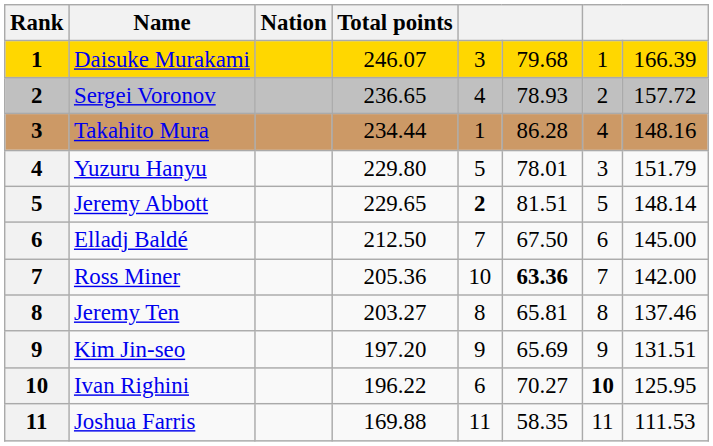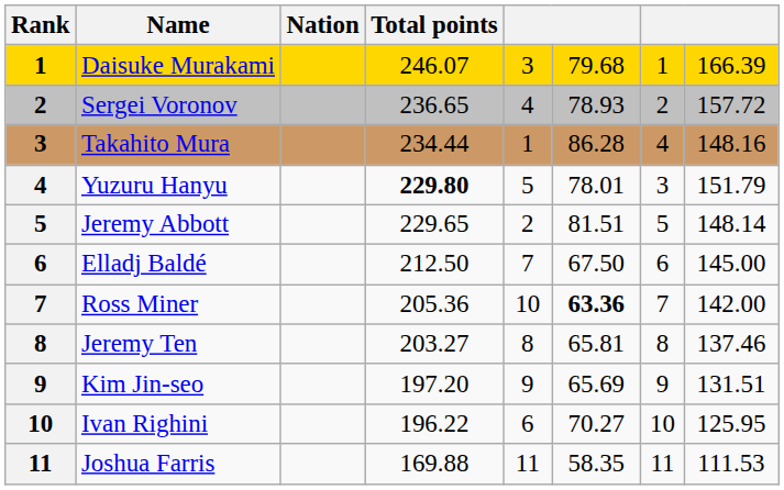 <table class="wikitable sortable">
 <tr>
 <th>Rank</th>
 <th>Name</th>
 <th>Nation</th>
 <th>Total points</th>
 <th colspan="2" width="80px"></th>
 <th colspan="2" width="80px"></th>
 </tr>
 <tr bgcolor="gold">
 <td align="center"><strong>1</strong></td>
 <td><a href='#'>Daisuke Murakami</a></td>
 <td></td>
 <td align="center">246.07</td>
 <td align="center">3</td>
 <td align="center">79.68</td>
 <td align="center">1</td>
 <td align="center">166.39</td>
 </tr>
 <tr bgcolor="silver">
 <td align="center"><strong>2</strong></td>
 <td><a href='#'>Sergei Voronov</a></td>
 <td></td>
 <td align="center">236.65</td>
 <td align="center">4</td>
 <td align="center">78.93</td>
 <td align="center">2</td>
 <td align="center">157.72</td>
 </tr>
 <tr bgcolor="cc9966">
 <td align="center"><strong>3</strong></td>
 <td><a href='#'>Takahito Mura</a></td>
 <td></td>
 <td align="center">234.44</td>
 <td align="center">1</td>
 <td align="center">86.28</td>
 <td align="center">4</td>
 <td align="center">148.16</td>
 </tr>
 <tr>
 <th>4</th>
 <td><a href='#'>Yuzuru Hanyu</a></td>
 <td></td>
-<td align="center">229.80</td>
+<td align="center"><strong>229.80</strong></td>
 <td align="center">5</td>
 <td align="center">78.01</td>
 <td align="center">3</td>
 <td align="center">151.79</td>
 </tr>
 <tr>
 <th>5</th>
 <td><a href='#'>Jeremy Abbott</a></td>
 <td></td>
 <td align="center">229.65</td>
-<td align="center"><strong>2</strong></td>
+<td align="center">2</td>
 <td align="center">81.51</td>
 <td align="center">5</td>
 <td align="center">148.14</td>
 </tr>
 <tr>
 <th>6</th>
 <td><a href='#'>Elladj Baldé</a></td>
 <td></td>
 <td align="center">212.50</td>
 <td align="center">7</td>
 <td align="center">67.50</td>
 <td align="center">6</td>
 <td align="center">145.00</td>
 </tr>
 <tr>
 <th>7</th>
 <td><a href='#'>Ross Miner</a></td>
 <td></td>
 <td align="center">205.36</td>
 <td align="center">10</td>
 <td align="center"><strong>63.36</strong></td>
 <td align="center">7</td>
 <td align="center">142.00</td>
 </tr>
 <tr>
 <th>8</th>
 <td><a href='#'>Jeremy Ten</a></td>
 <td></td>
 <td align="center">203.27</td>
 <td align="center">8</td>
 <td align="center">65.81</td>
 <td align="center">8</td>
 <td align="center">137.46</td>
 </tr>
 <tr>
 <th>9</th>
 <td><a href='#'>Kim Jin-seo</a></td>
 <td></td>
 <td align="center">197.20</td>
 <td align="center">9</td>
 <td align="center">65.69</td>
 <td align="center">9</td>
 <td align="center">131.51</td>
 </tr>
 <tr>
 <th>10</th>
 <td><a href='#'>Ivan Righini</a></td>
 <td></td>
 <td align="center">196.22</td>
 <td align="center">6</td>
 <td align="center">70.27</td>
-<td align="center"><strong>10</strong></td>
+<td align="center">10</td>
 <td align="center">125.95</td>
 </tr>
 <tr>
 <th>11</th>
 <td><a href='#'>Joshua Farris</a></td>
 <td></td>
 <td align="center">169.88</td>
 <td align="center">11</td>
 <td align="center">58.35</td>
 <td align="center">11</td>
 <td align="center">111.53</td>
 </tr>
 </table>
